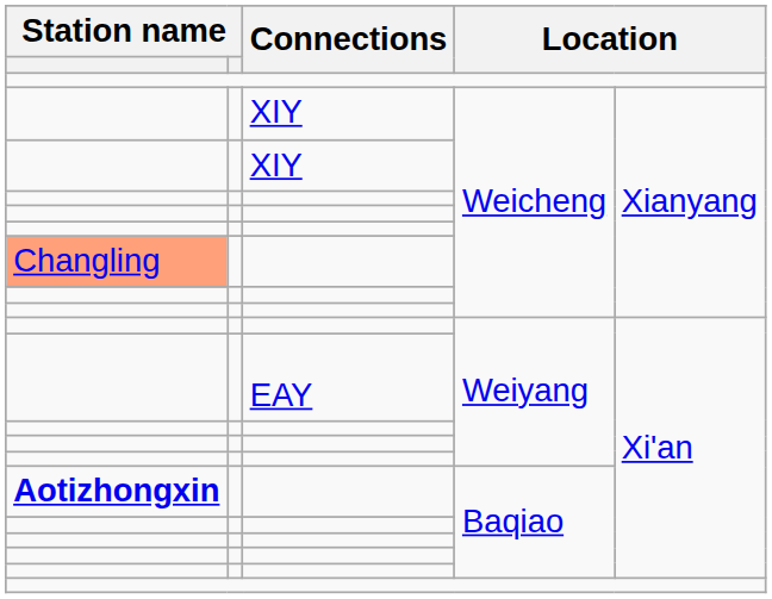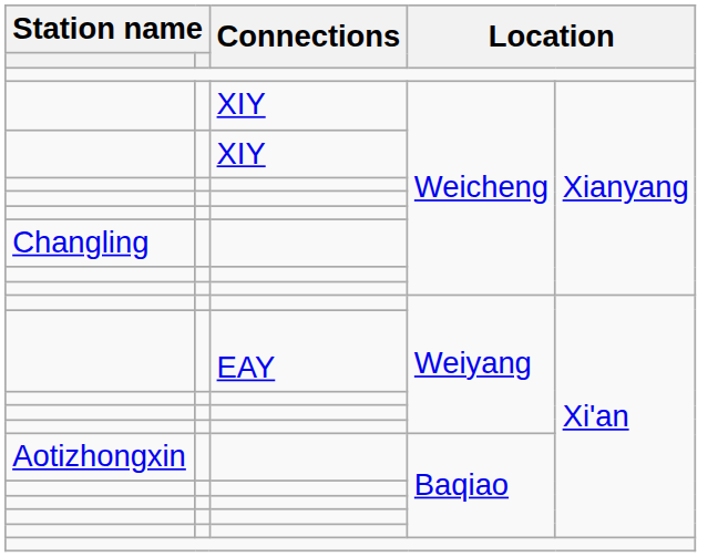 <table class="wikitable">
 <tr>
 <th colspan="2">Station name</th>
 <th rowspan="2">Connections</th>
 <th colspan="2" rowspan="2">Location</th>
 </tr>
 <tr>
 <th></th>
 <th></th>
 </tr>
 <tr style="background:#">
 <td colspan = "8"></td>
 </tr>
 <tr>
 <td></td>
 <td></td>
 <td> <a href='#'>XIY</a></td>
 <td rowspan="8"><a href='#'>Weicheng</a></td>
 <td rowspan="8"><a href='#'>Xianyang</a></td>
 </tr>
 <tr>
 <td></td>
 <td></td>
 <td> <a href='#'>XIY</a></td>
 </tr>
 <tr>
 <td></td>
 <td></td>
 <td></td>
 </tr>
 <tr>
 <td></td>
 <td></td>
 <td></td>
 </tr>
 <tr>
 <td></td>
 <td></td>
 <td></td>
 </tr>
 <tr>
-<td style="background: lightsalmon;"><a href='#'>Changling</a></td>
+<td><a href='#'>Changling</a></td>
 <td></td>
 <td></td>
 </tr>
 <tr>
 <td></td>
 <td></td>
 <td></td>
 </tr>
 <tr>
 <td></td>
 <td></td>
 <td></td>
 </tr>
 <tr>
 <td></td>
 <td></td>
 <td></td>
 <td rowspan="5"><a href='#'>Weiyang</a></td>
 <td rowspan="10"><a href='#'>Xi'an</a></td>
 </tr>
 <tr>
 <td></td>
 <td></td>
 <td> <br> <a href='#'>EAY</a></td>
 </tr>
 <tr>
 <td></td>
 <td></td>
 <td></td>
 </tr>
 <tr>
 <td></td>
 <td></td>
 <td></td>
 </tr>
 <tr>
 <td></td>
 <td></td>
 <td></td>
 </tr>
 <tr>
-<td><strong><a href='#'>Aotizhongxin</a></strong></td>
+<td><a href='#'>Aotizhongxin</a></td>
 <td></td>
 <td></td>
 <td rowspan="5"><a href='#'>Baqiao</a></td>
 </tr>
 <tr>
 <td></td>
 <td></td>
 <td></td>
 </tr>
 <tr>
 <td></td>
 <td></td>
 <td></td>
 </tr>
 <tr>
 <td></td>
 <td></td>
 <td></td>
 </tr>
 <tr>
 <td></td>
 <td></td>
 <td></td>
 </tr>
 <tr style="background:#">
 <td colspan = "8"></td>
 </tr>
 </table>
